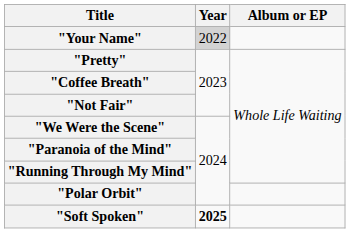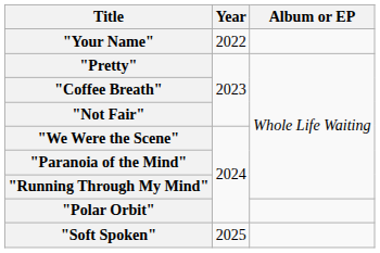 <table class="wikitable plainrowheaders" style="text-align:center;">
 <tr>
 <th scope="col">Title</th>
 <th scope="col">Year</th>
 <th scope="col">Album or EP</th>
 </tr>
 <tr>
 <th scope="row">"Your Name"</th>
-<td style="background: lightgrey;">2022</td>
+<td>2022</td>
 <td></td>
 </tr>
 <tr>
 <th scope="row">"Pretty"</th>
 <td rowspan="3">2023</td>
 <td rowspan="6"><em>Whole Life Waiting</em></td>
 </tr>
 <tr>
 <th scope="row">"Coffee Breath"</th>
 </tr>
 <tr>
 <th scope="row">"Not Fair"</th>
 </tr>
 <tr>
 <th scope="row">"We Were the Scene"</th>
 <td rowspan="4">2024</td>
 </tr>
 <tr>
 <th scope="row">"Paranoia of the Mind"</th>
 </tr>
 <tr>
 <th scope="row">"Running Through My Mind"</th>
 </tr>
 <tr>
 <th scope="row">"Polar Orbit"</th>
 <td></td>
 </tr>
 <tr>
 <th scope="row">"Soft Spoken"</th>
-<td><strong>2025</strong></td>
+<td>2025</td>
 <td></td>
 </tr>
 </table>
